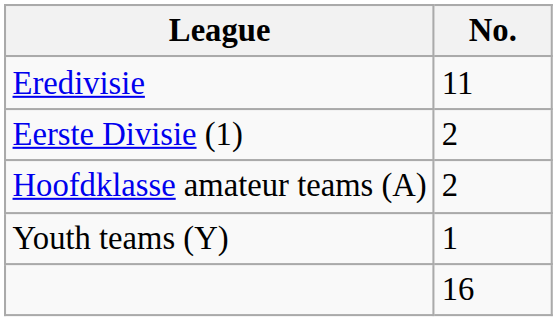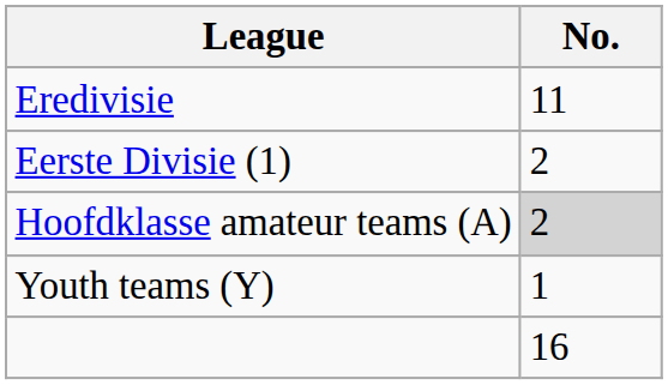 <table class="wikitable">
 <tr>
 <th>League</th>
 <th width=50px>No.</th>
 </tr>
 <tr>
 <td><a href='#'>Eredivisie</a></td>
 <td>11</td>
 </tr>
 <tr>
 <td><a href='#'>Eerste Divisie</a> (1)</td>
 <td>2</td>
 </tr>
 <tr>
 <td><a href='#'>Hoofdklasse</a> amateur teams (A)</td>
-<td>2</td>
+<td style="background: lightgrey;">2</td>
 </tr>
 <tr>
 <td>Youth teams (Y)</td>
 <td>1</td>
 </tr>
 <tr>
 <td></td>
 <td>16</td>
 </tr>
 </table>
